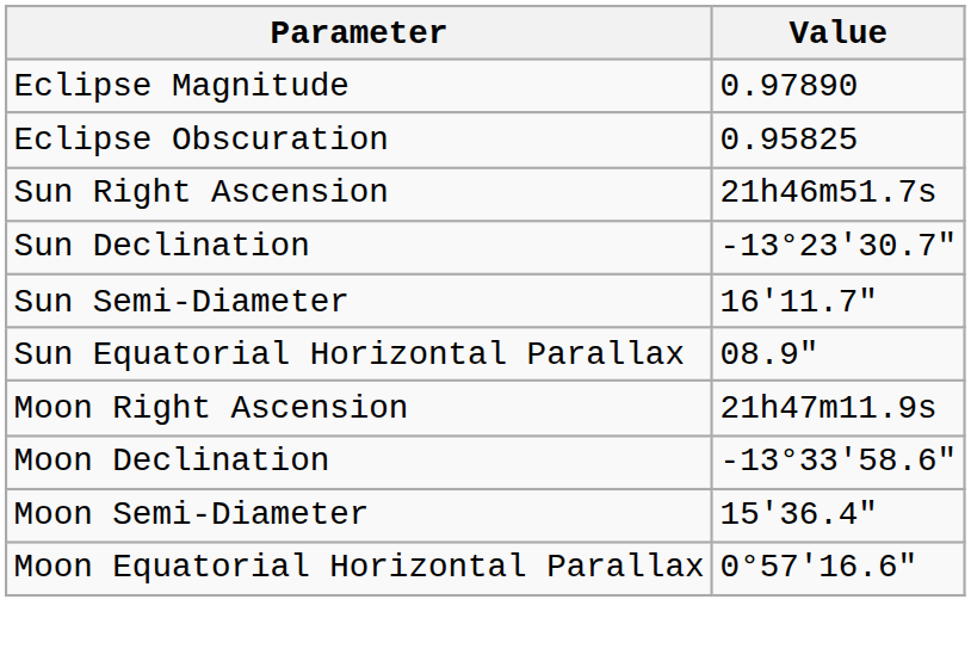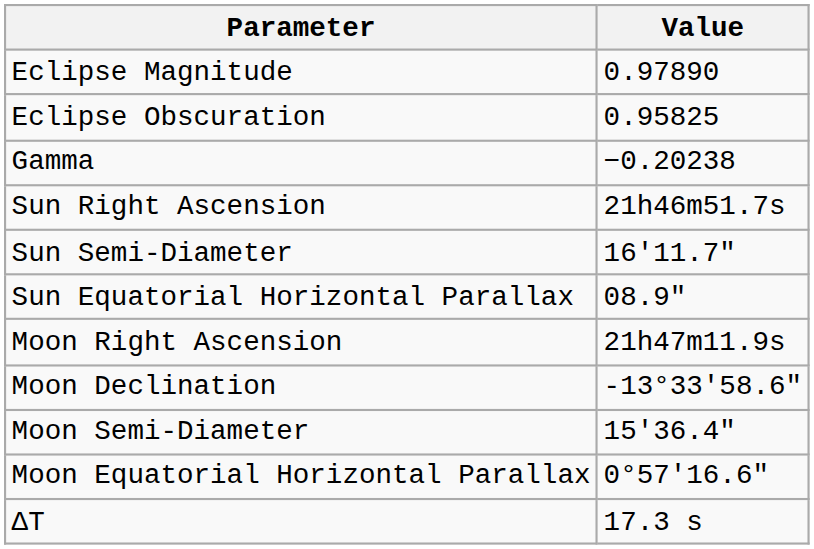 <table class="wikitable">
 <tr>
 <th>Parameter</th>
 <th>Value</th>
 </tr>
 <tr>
 <td>Eclipse Magnitude</td>
 <td>0.97890</td>
 </tr>
 <tr>
 <td>Eclipse Obscuration</td>
 <td>0.95825</td>
 </tr>
 <tr>
+<td>Gamma</td>
+<td>−0.20238</td>
+</tr>
+<tr>
 <td>Sun Right Ascension</td>
 <td>21h46m51.7s</td>
-</tr>
-<tr>
-<td>Sun Declination</td>
-<td>-13°23'30.7"</td>
 </tr>
 <tr>
 <td>Sun Semi-Diameter</td>
 <td>16'11.7"</td>
 </tr>
 <tr>
 <td>Sun Equatorial Horizontal Parallax</td>
 <td>08.9"</td>
 </tr>
 <tr>
 <td>Moon Right Ascension</td>
 <td>21h47m11.9s</td>
 </tr>
 <tr>
 <td>Moon Declination</td>
 <td>-13°33'58.6"</td>
 </tr>
 <tr>
 <td>Moon Semi-Diameter</td>
 <td>15'36.4"</td>
 </tr>
 <tr>
 <td>Moon Equatorial Horizontal Parallax</td>
 <td>0°57'16.6"</td>
 </tr>
+<tr>
+<td>ΔT</td>
+<td>17.3 s</td>
+</tr>
 </table>
